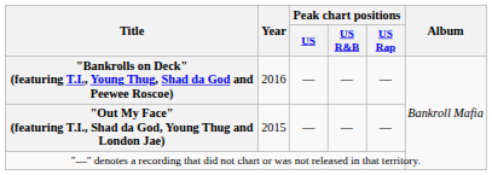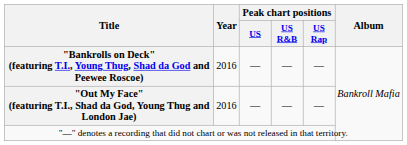 <table class="wikitable plainrowheaders" style="text-align:center;">
 <tr>
 <th scope="col" rowspan="2" style="width:20em;">Title</th>
 <th scope="col" rowspan="2">Year</th>
 <th scope="col" colspan="3">Peak chart positions</th>
 <th scope="col" rowspan="2">Album</th>
 </tr>
 <tr>
 <th style="width:3em;font-size:90%;"><a href='#'>US</a></th>
 <th style="width:3em;font-size:90%;"><a href='#'>US<br>R&B</a></th>
 <th style="width:3em;font-size:90%;"><a href='#'>US<br>Rap</a></th>
 </tr>
 <tr>
 <th scope="row">"Bankrolls on Deck"<br><span>(featuring <a href='#'>T.I.</a>, <a href='#'>Young Thug</a>, <a href='#'>Shad da God</a> and Peewee Roscoe)</span></th>
 <td>2016</td>
 <td>—</td>
 <td>—</td>
 <td>—</td>
 <td rowspan="3"><em>Bankroll Mafia</em></td>
 </tr>
 <tr>
 <th scope="row">"Out My Face"<br><span>(featuring T.I., Shad da God, Young Thug and London Jae)</span></th>
-<td rowspan="1">2015</td>
+<td rowspan="1">2016</td>
 <td>—</td>
 <td>—</td>
 <td>—</td>
 </tr>
 <tr>
 <td colspan="6" style="font-size:90%">"—" denotes a recording that did not chart or was not released in that territory.</td>
 </tr>
 </table>
